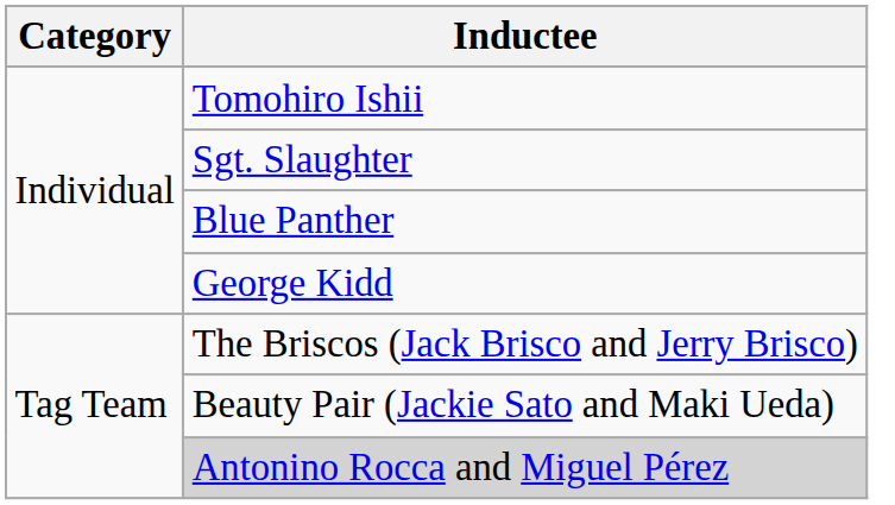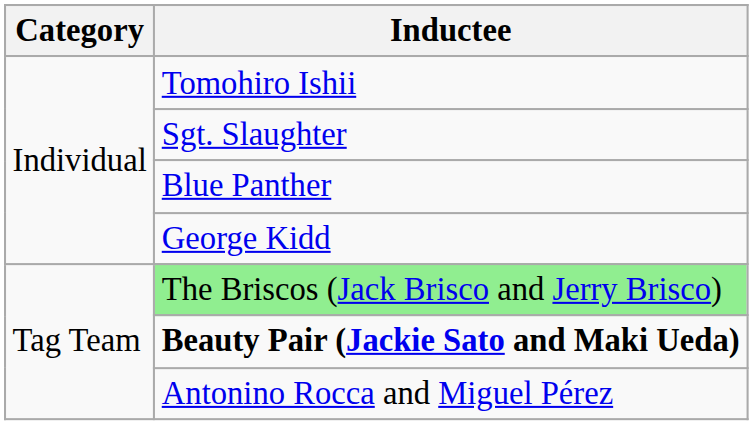 <table class="wikitable">
 <tr>
 <th>Category</th>
 <th>Inductee</th>
 </tr>
 <tr>
 <td rowspan=4>Individual</td>
 <td><a href='#'>Tomohiro Ishii</a></td>
 </tr>
 <tr>
 <td><a href='#'>Sgt. Slaughter</a></td>
 </tr>
 <tr>
 <td><a href='#'>Blue Panther</a></td>
 </tr>
 <tr>
 <td><a href='#'>George Kidd</a></td>
 </tr>
 <tr>
 <td rowspan=3>Tag Team</td>
-<td>The Briscos (<a href='#'>Jack Brisco</a> and <a href='#'>Jerry Brisco</a>)</td>
+<td style="background: lightgreen;">The Briscos (<a href='#'>Jack Brisco</a> and <a href='#'>Jerry Brisco</a>)</td>
 </tr>
 <tr>
-<td>Beauty Pair (<a href='#'>Jackie Sato</a> and Maki Ueda)</td>
+<td><strong>Beauty Pair (<a href='#'>Jackie Sato</a> and Maki Ueda)</strong></td>
 </tr>
 <tr>
-<td style="background: lightgrey;"><a href='#'>Antonino Rocca</a> and <a href='#'>Miguel Pérez</a></td>
+<td><a href='#'>Antonino Rocca</a> and <a href='#'>Miguel Pérez</a></td>
 </tr>
 </table>
